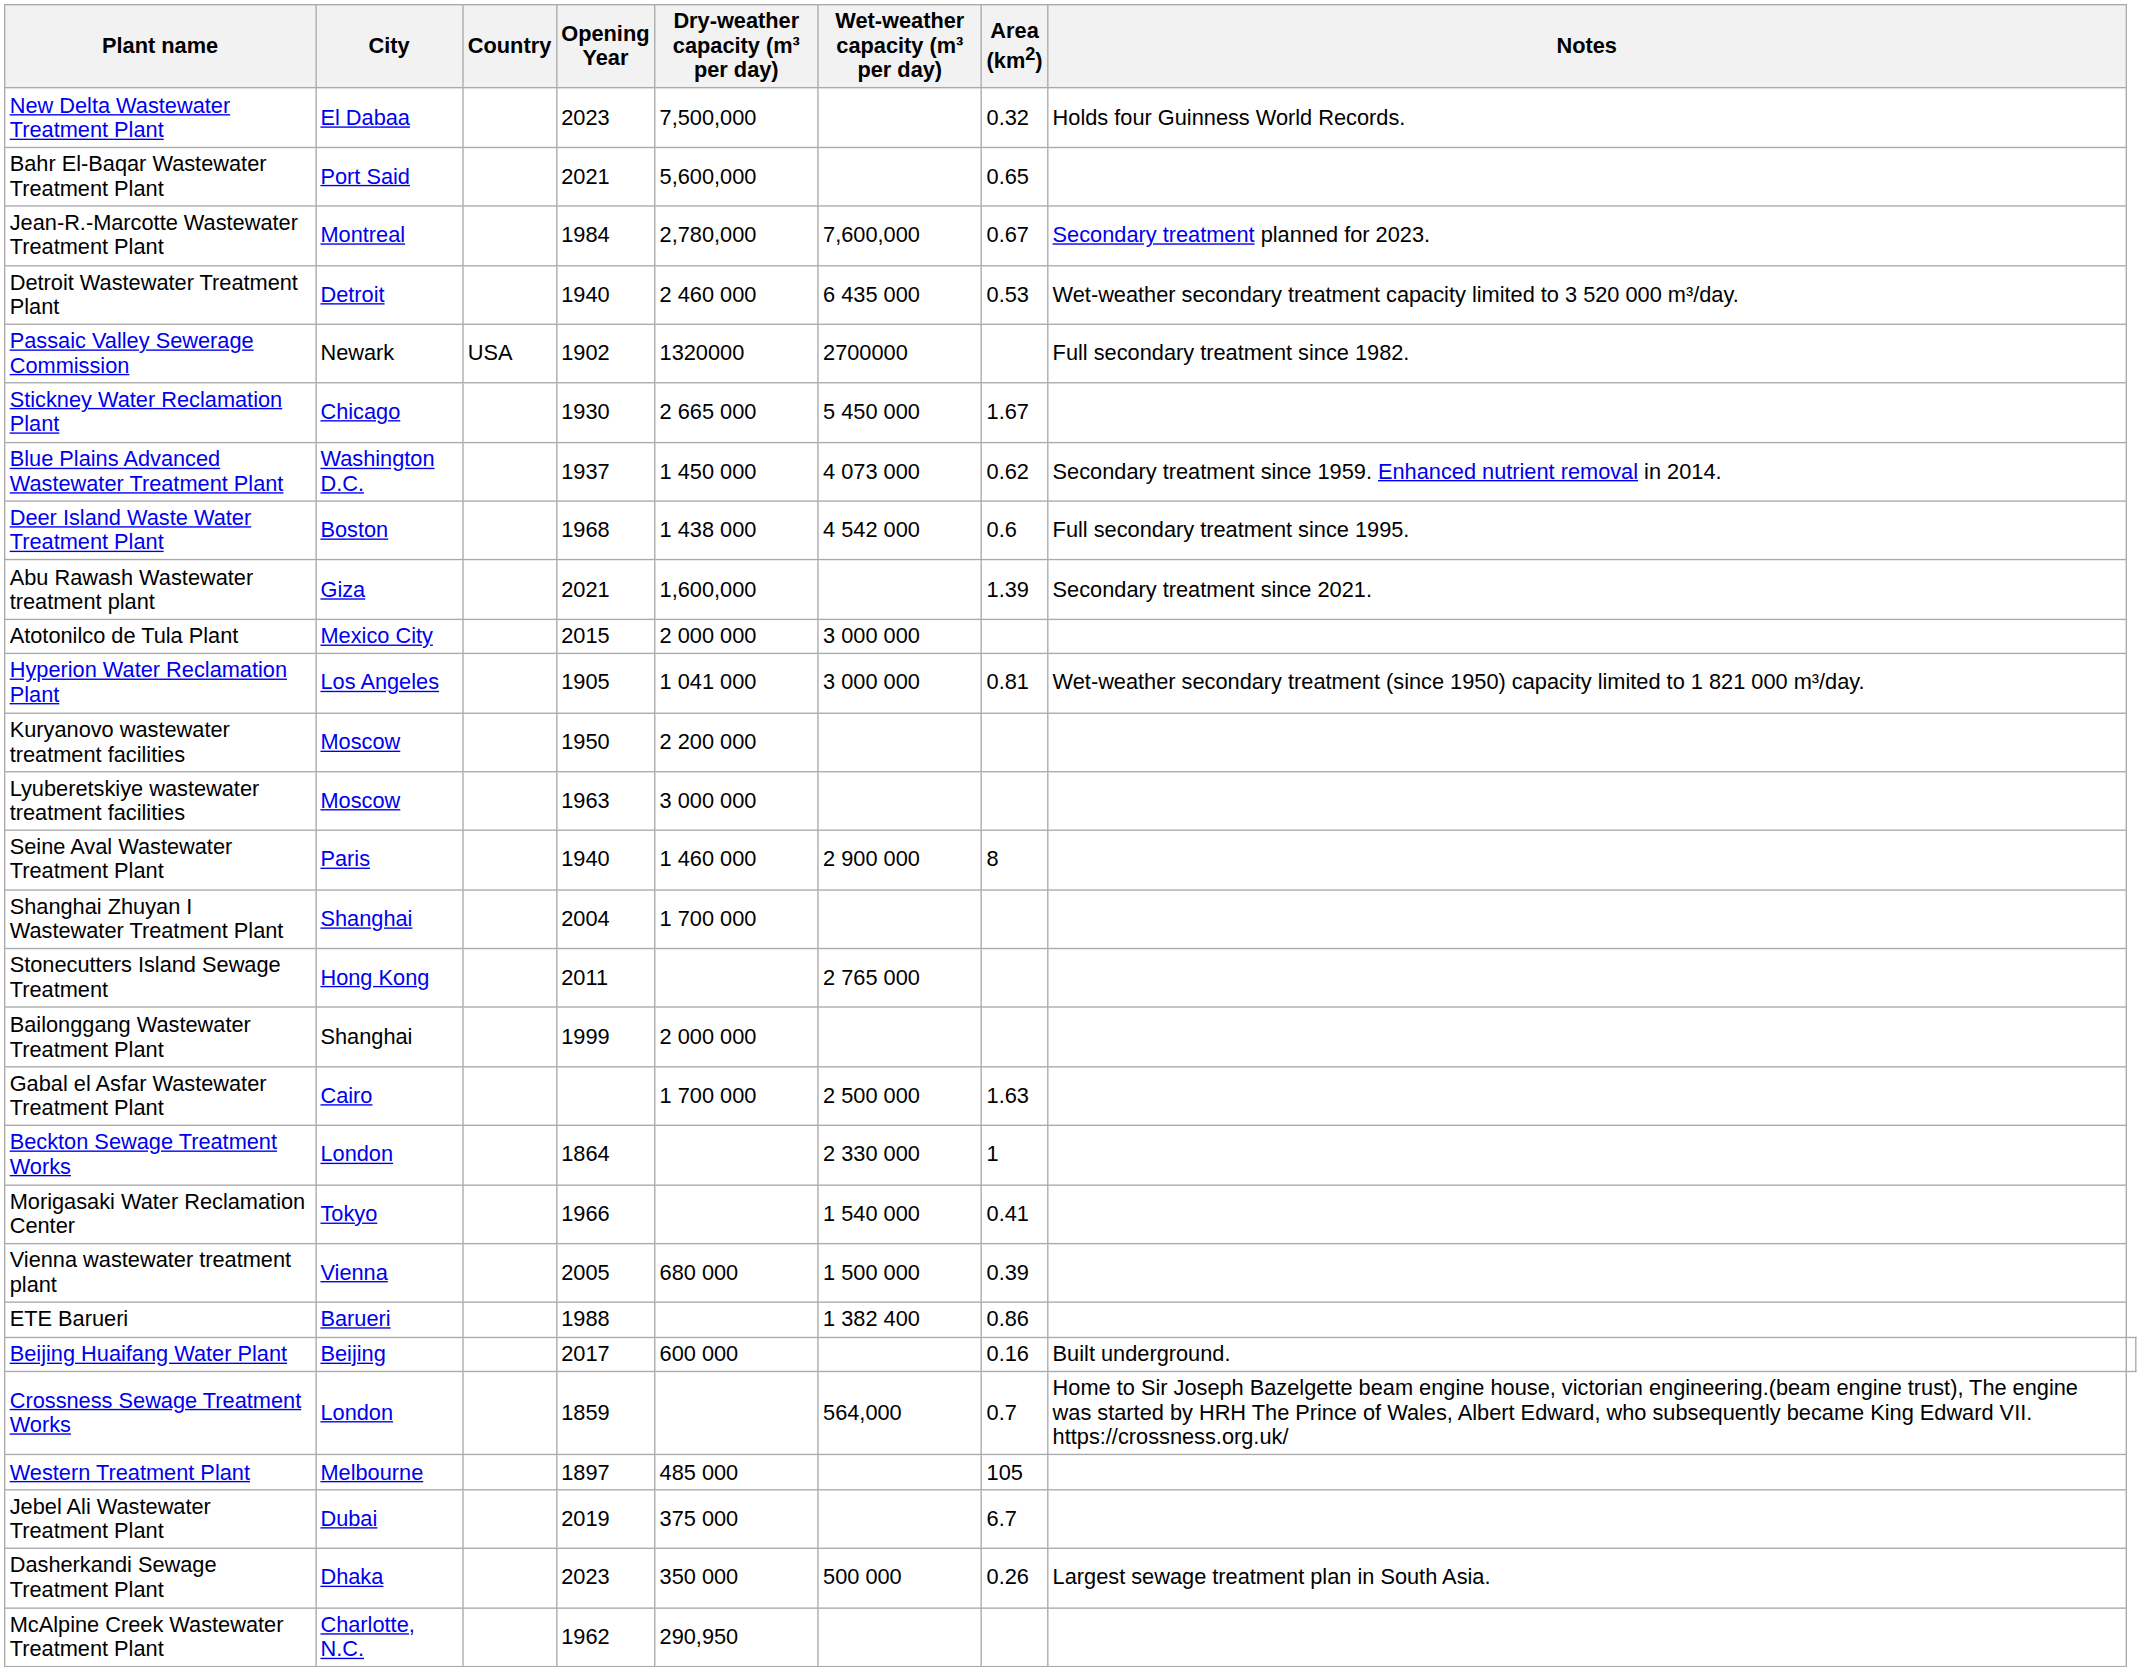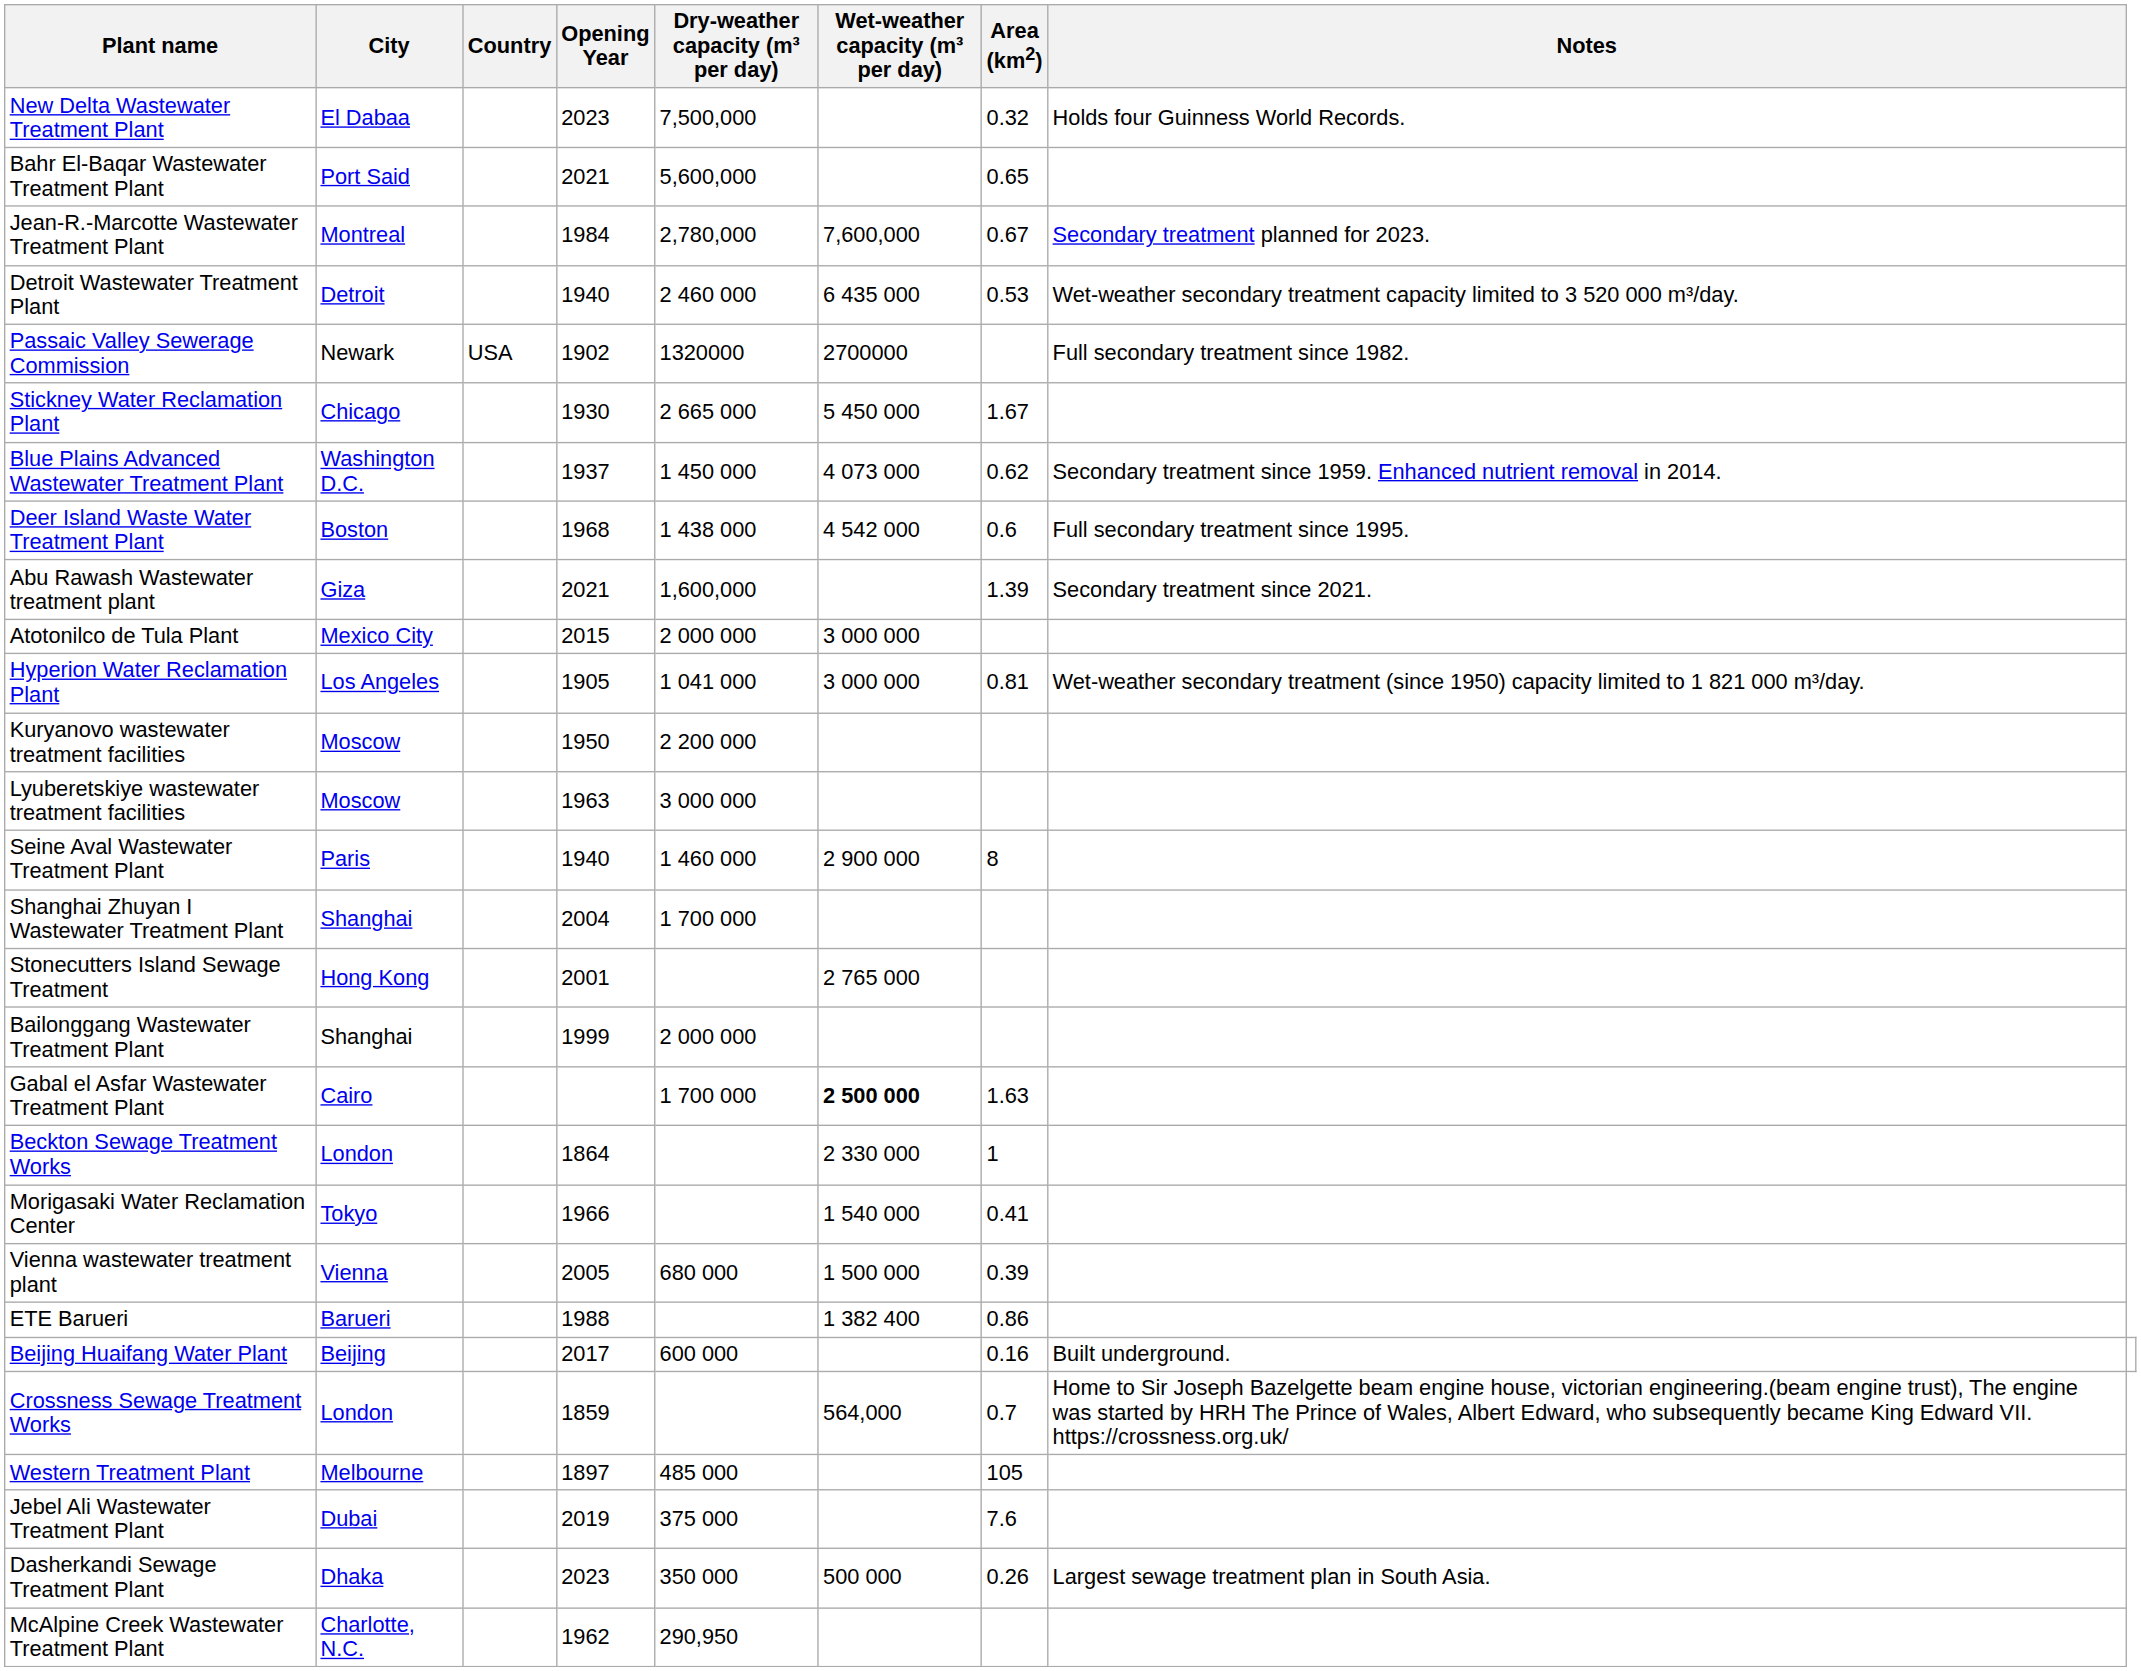 <table class="wikitable sortable" style="border:#999; background:white; paddin:3px">
 <tr>
 <th>Plant name</th>
 <th>City</th>
 <th>Country</th>
 <th>Opening<br>Year</th>
 <th data-sort-type="number">Dry-weather<br>capacity (m³ per day)</th>
 <th data-sort-type="number">Wet-weather<br>capacity (m³ per day)</th>
 <th data-sort-type="number">Area<br>(km<sup>2</sup>)</th>
 <th class="unsortable">Notes</th>
 </tr>
 <tr>
 <td><a href='#'>New Delta Wastewater Treatment Plant</a></td>
 <td><a href='#'>El Dabaa</a></td>
 <td></td>
 <td>2023</td>
 <td>7,500,000</td>
 <td></td>
 <td>0.32</td>
 <td>Holds four Guinness World Records.</td>
 </tr>
 <tr>
 <td>Bahr El-Baqar Wastewater Treatment Plant</td>
 <td><a href='#'>Port Said</a></td>
 <td></td>
 <td>2021</td>
 <td>5,600,000</td>
 <td></td>
 <td>0.65</td>
 <td></td>
 </tr>
 <tr>
 <td>Jean-R.-Marcotte Wastewater Treatment Plant</td>
 <td><a href='#'>Montreal</a></td>
 <td></td>
 <td>1984</td>
 <td>2,780,000</td>
 <td>7,600,000</td>
 <td>0.67</td>
 <td><a href='#'>Secondary treatment</a> planned for 2023.</td>
 </tr>
 <tr>
 <td>Detroit Wastewater Treatment Plant</td>
 <td><a href='#'>Detroit</a></td>
 <td></td>
 <td>1940</td>
 <td>2 460 000</td>
 <td>6 435 000</td>
 <td>0.53</td>
 <td>Wet-weather secondary treatment capacity limited to 3 520 000 m³/day.</td>
 </tr>
 <tr>
 <td><a href='#'>Passaic Valley Sewerage Commission</a></td>
 <td>Newark</td>
 <td>USA</td>
 <td>1902</td>
 <td>1320000</td>
 <td>2700000</td>
 <td></td>
 <td>Full secondary treatment since 1982.</td>
 </tr>
 <tr>
 <td><a href='#'>Stickney Water Reclamation Plant</a></td>
 <td><a href='#'>Chicago</a></td>
 <td></td>
 <td>1930</td>
 <td>2 665 000</td>
 <td>5 450 000</td>
 <td>1.67</td>
 <td></td>
 </tr>
 <tr>
 <td><a href='#'>Blue Plains Advanced Wastewater Treatment Plant</a></td>
 <td><a href='#'>Washington D.C.</a></td>
 <td></td>
 <td>1937</td>
 <td>1 450 000</td>
 <td>4 073 000</td>
 <td>0.62</td>
 <td>Secondary treatment since 1959. <a href='#'>Enhanced nutrient removal</a> in 2014.</td>
 </tr>
 <tr>
 <td><a href='#'>Deer Island Waste Water Treatment Plant</a></td>
 <td><a href='#'>Boston</a></td>
 <td></td>
 <td>1968</td>
 <td>1 438 000</td>
 <td>4 542 000</td>
 <td>0.6</td>
 <td>Full secondary treatment since 1995.</td>
 </tr>
 <tr>
 <td>Abu Rawash Wastewater treatment plant</td>
 <td><a href='#'>Giza</a></td>
 <td></td>
 <td>2021</td>
 <td>1,600,000</td>
 <td></td>
 <td>1.39</td>
 <td>Secondary treatment since 2021.</td>
 </tr>
 <tr>
 <td>Atotonilco de Tula Plant</td>
 <td><a href='#'>Mexico City</a></td>
 <td></td>
 <td>2015</td>
 <td>2 000 000</td>
 <td>3 000 000</td>
 <td></td>
 <td></td>
 </tr>
 <tr>
 <td><a href='#'>Hyperion Water Reclamation  Plant</a></td>
 <td><a href='#'>Los Angeles</a></td>
 <td></td>
 <td>1905</td>
 <td>1 041 000</td>
 <td>3 000 000</td>
 <td>0.81</td>
 <td>Wet-weather secondary treatment (since 1950) capacity limited to 1 821 000 m³/day.</td>
 </tr>
 <tr>
 <td>Kuryanovo wastewater treatment facilities</td>
 <td><a href='#'>Moscow</a></td>
 <td></td>
 <td>1950</td>
 <td>2 200 000</td>
 <td></td>
 <td></td>
 <td></td>
 </tr>
 <tr>
 <td>Lyuberetskiye wastewater treatment facilities</td>
 <td><a href='#'>Moscow</a></td>
 <td></td>
 <td>1963</td>
 <td>3 000 000</td>
 <td></td>
 <td></td>
 <td></td>
 </tr>
 <tr>
 <td>Seine Aval Wastewater Treatment Plant</td>
 <td><a href='#'>Paris</a></td>
 <td></td>
 <td>1940</td>
 <td>1 460 000</td>
 <td>2 900 000</td>
 <td>8</td>
 <td></td>
 </tr>
 <tr>
 <td>Shanghai Zhuyan I Wastewater Treatment Plant</td>
 <td><a href='#'>Shanghai</a></td>
 <td></td>
 <td>2004</td>
 <td>1 700 000</td>
 <td></td>
 <td></td>
 <td></td>
 </tr>
 <tr>
 <td>Stonecutters Island Sewage Treatment</td>
 <td><a href='#'>Hong Kong</a></td>
 <td></td>
-<td>2011</td>
+<td>2001</td>
 <td></td>
 <td>2 765 000</td>
 <td></td>
 <td></td>
 </tr>
 <tr>
 <td>Bailonggang Wastewater Treatment Plant</td>
 <td>Shanghai</td>
 <td></td>
 <td>1999</td>
 <td>2 000 000</td>
 <td></td>
 <td></td>
 <td></td>
 </tr>
 <tr>
 <td>Gabal el Asfar Wastewater Treatment Plant</td>
 <td><a href='#'>Cairo</a></td>
 <td></td>
 <td></td>
 <td>1 700 000</td>
-<td>2 500 000</td>
+<td><strong>2 500 000</strong></td>
 <td>1.63</td>
 <td></td>
 </tr>
 <tr>
 <td><a href='#'>Beckton Sewage Treatment Works</a></td>
 <td><a href='#'>London</a></td>
 <td></td>
 <td>1864</td>
 <td></td>
 <td>2 330 000</td>
 <td>1</td>
 <td></td>
 </tr>
 <tr>
 <td>Morigasaki Water Reclamation Center</td>
 <td><a href='#'>Tokyo</a></td>
 <td></td>
 <td>1966</td>
 <td></td>
 <td>1 540 000</td>
 <td>0.41</td>
 <td></td>
 </tr>
 <tr>
 <td>Vienna wastewater treatment plant</td>
 <td><a href='#'>Vienna</a></td>
 <td></td>
 <td>2005</td>
 <td>680 000</td>
 <td>1 500 000</td>
 <td>0.39</td>
 <td></td>
 </tr>
 <tr>
 <td>ETE Barueri</td>
 <td><a href='#'>Barueri</a></td>
 <td></td>
 <td>1988</td>
 <td></td>
 <td>1 382 400</td>
 <td>0.86</td>
 <td></td>
 </tr>
 <tr>
 <td><a href='#'>Beijing Huaifang Water Plant</a></td>
 <td><a href='#'>Beijing</a></td>
 <td></td>
 <td>2017</td>
 <td>600 000</td>
 <td></td>
 <td>0.16</td>
 <td>Built underground.</td>
 <td></td>
 </tr>
 <tr>
 <td><a href='#'>Crossness Sewage Treatment Works</a></td>
 <td><a href='#'>London</a></td>
 <td></td>
 <td>1859</td>
 <td></td>
 <td>564,000</td>
 <td>0.7</td>
 <td>Home to Sir Joseph Bazelgette beam engine house, victorian engineering.(beam engine trust), The engine was started by HRH The Prince of Wales, Albert Edward, who subsequently became King Edward VII.<br>https://crossness.org.uk/</td>
 </tr>
 <tr>
 <td><a href='#'>Western Treatment Plant</a></td>
 <td><a href='#'>Melbourne</a></td>
 <td></td>
 <td>1897</td>
 <td>485 000</td>
 <td></td>
 <td>105</td>
 <td></td>
 </tr>
 <tr>
 <td>Jebel Ali Wastewater Treatment Plant</td>
 <td><a href='#'>Dubai</a></td>
 <td></td>
 <td>2019</td>
 <td>375 000</td>
 <td></td>
-<td>6.7</td>
+<td>7.6</td>
 <td></td>
 </tr>
 <tr>
 <td>Dasherkandi Sewage Treatment Plant</td>
 <td><a href='#'>Dhaka</a></td>
 <td></td>
 <td>2023</td>
 <td>350 000</td>
 <td>500 000</td>
 <td>0.26</td>
 <td>Largest sewage treatment plan in South Asia.</td>
 </tr>
 <tr>
 <td>McAlpine Creek Wastewater Treatment Plant</td>
 <td><a href='#'>Charlotte, N.C.</a></td>
 <td></td>
 <td>1962</td>
 <td>290,950</td>
 <td></td>
 <td></td>
 <td></td>
 </tr>
 </table>
